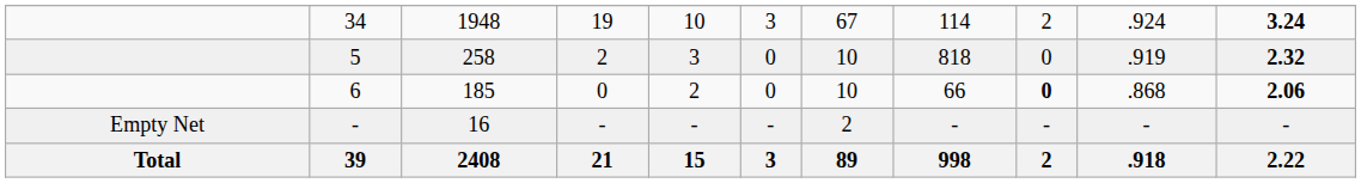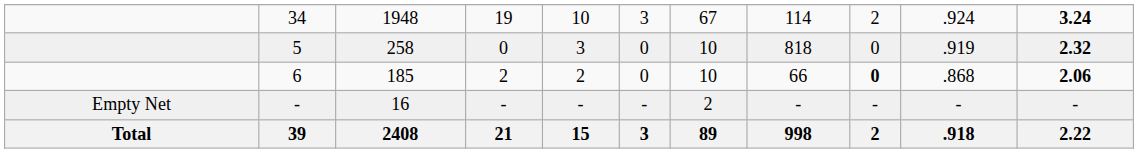 <table class="wikitable sortable" width ="1000">
 <tr align="center">
 </tr>
 <tr align="center" bgcolor="">
 <td></td>
 <td>34</td>
 <td>1948</td>
 <td>19</td>
 <td>10</td>
 <td>3</td>
 <td>67</td>
 <td>114</td>
 <td>2</td>
 <td>.924</td>
 <td><strong>3.24</strong></td>
 </tr>
 <tr align="center" bgcolor="f0f0f0">
 <td></td>
 <td>5</td>
 <td>258</td>
-<td>2</td>
+<td>0</td>
 <td>3</td>
 <td>0</td>
 <td>10</td>
 <td>818</td>
 <td>0</td>
 <td>.919</td>
 <td><strong>2.32</strong></td>
 </tr>
 <tr align="center" bgcolor="">
 <td></td>
 <td>6</td>
 <td>185</td>
-<td>0</td>
+<td>2</td>
 <td>2</td>
 <td>0</td>
 <td>10</td>
 <td>66</td>
 <td><strong>0</strong></td>
 <td>.868</td>
 <td><strong>2.06</strong></td>
 </tr>
 <tr align="center" bgcolor="f0f0f0">
 <td>Empty Net</td>
 <td>-</td>
 <td>16</td>
 <td>-</td>
 <td>-</td>
 <td>-</td>
 <td>2</td>
 <td>-</td>
 <td>-</td>
 <td>-</td>
 <td>-</td>
 </tr>
 <tr>
 <th>Total</th>
 <th>39</th>
 <th>2408</th>
 <th>21</th>
 <th>15</th>
 <th>3</th>
 <th>89</th>
 <th>998</th>
 <th>2</th>
 <th>.918</th>
 <th>2.22</th>
 </tr>
 </table>
